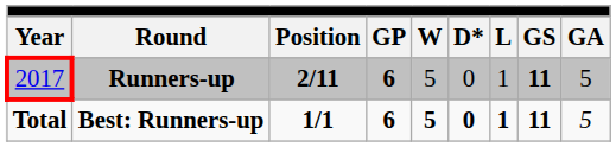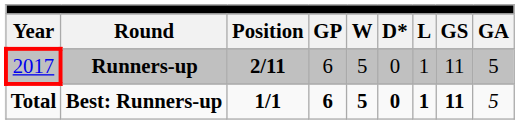 <table class="wikitable" style="text-align: center;font-size:100%;">
 <tr>
 <th colspan=9 style="background: #000000; color: #FFFFFF;"><a href='#'></a></th>
 </tr>
 <tr>
 <th>Year</th>
 <th>Round</th>
 <th>Position</th>
 <th>GP</th>
 <th>W</th>
 <th>D*</th>
 <th>L</th>
 <th>GS</th>
 <th>GA</th>
 </tr>
 <tr bgcolor=silver>
 <td style="border: 3px solid red"> <a href='#'>2017</a></td>
 <td><strong>Runners-up</strong></td>
 <td><strong>2/11</strong></td>
-<td><strong>6</strong></td>
+<td>6</td>
 <td>5</td>
 <td>0</td>
 <td>1</td>
-<td><strong>11</strong></td>
+<td>11</td>
 <td>5</td>
 </tr>
 <tr>
 <td><strong>Total</strong></td>
 <td><strong>Best: Runners-up</strong></td>
 <td><strong>1/1</strong></td>
 <td><strong>6</strong></td>
 <td><strong>5</strong></td>
 <td><strong>0</strong></td>
 <td><strong>1</strong></td>
 <td><strong>11</strong></td>
 <td><em>5</em></td>
 </tr>
 </table>
